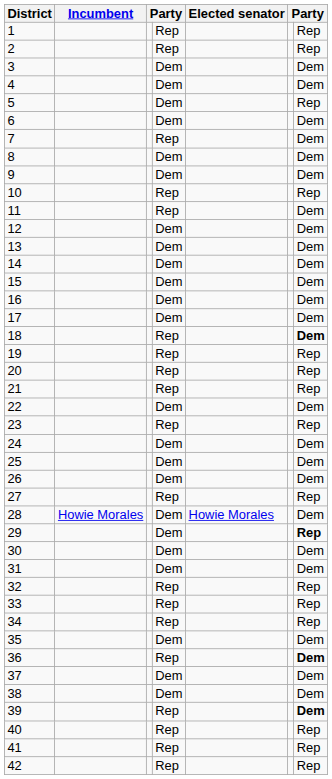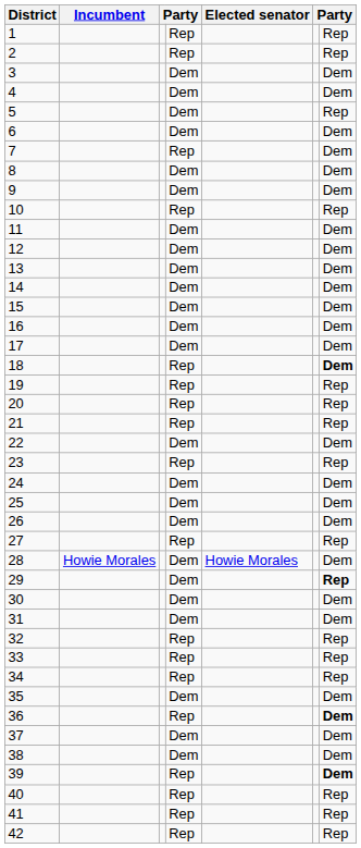 <table class="wikitable sortable" style="font-size:95%;line-height:14px;">
 <tr>
 <th>District</th>
 <th><a href='#'>Incumbent</a></th>
 <th colspan=2>Party</th>
 <th>Elected senator</th>
 <th colspan=2>Party</th>
 </tr>
 <tr>
 <td>1</td>
 <td></td>
 <td style="background:"></td>
 <td>Rep</td>
 <td></td>
 <td style="background:"></td>
 <td>Rep</td>
 </tr>
 <tr>
 <td>2</td>
 <td></td>
 <td style="background:"></td>
 <td>Rep</td>
 <td></td>
 <td style="background:"></td>
 <td>Rep</td>
 </tr>
 <tr>
 <td>3</td>
 <td></td>
 <td style="background:"></td>
 <td>Dem</td>
 <td></td>
 <td style="background:"></td>
 <td>Dem</td>
 </tr>
 <tr>
 <td>4</td>
 <td></td>
 <td style="background:"></td>
 <td>Dem</td>
 <td></td>
 <td style="background:"></td>
 <td>Dem</td>
 </tr>
 <tr>
 <td>5</td>
 <td></td>
 <td style="background:"></td>
 <td>Dem</td>
 <td></td>
 <td style="background:"></td>
 <td>Rep</td>
 </tr>
 <tr>
 <td>6</td>
 <td></td>
 <td style="background:"></td>
 <td>Dem</td>
 <td></td>
 <td style="background:"></td>
 <td>Dem</td>
 </tr>
 <tr>
 <td>7</td>
 <td></td>
 <td style="background:"></td>
 <td>Rep</td>
 <td></td>
 <td style="background:"></td>
 <td>Dem</td>
 </tr>
 <tr>
 <td>8</td>
 <td></td>
 <td style="background:"></td>
 <td>Dem</td>
 <td></td>
 <td style="background:"></td>
 <td>Dem</td>
 </tr>
 <tr>
 <td>9</td>
 <td></td>
 <td style="background:"></td>
 <td>Dem</td>
 <td></td>
 <td style="background:"></td>
 <td>Dem</td>
 </tr>
 <tr>
 <td>10</td>
 <td></td>
 <td style="background:"></td>
 <td>Rep</td>
 <td></td>
 <td style="background:"></td>
 <td>Rep</td>
 </tr>
 <tr>
 <td>11</td>
 <td></td>
 <td style="background:"></td>
-<td>Rep</td>
+<td>Dem</td>
 <td></td>
 <td style="background:"></td>
 <td>Dem</td>
 </tr>
 <tr>
 <td>12</td>
 <td></td>
 <td style="background:"></td>
 <td>Dem</td>
 <td></td>
 <td style="background:"></td>
 <td>Dem</td>
 </tr>
 <tr>
 <td>13</td>
 <td></td>
 <td style="background:"></td>
 <td>Dem</td>
 <td></td>
 <td style="background:"></td>
 <td>Dem</td>
 </tr>
 <tr>
 <td>14</td>
 <td></td>
 <td style="background:"></td>
 <td>Dem</td>
 <td></td>
 <td style="background:"></td>
 <td>Dem</td>
 </tr>
 <tr>
 <td>15</td>
 <td></td>
 <td style="background:"></td>
 <td>Dem</td>
 <td></td>
 <td style="background:"></td>
 <td>Dem</td>
 </tr>
 <tr>
 <td>16</td>
 <td></td>
 <td style="background:"></td>
 <td>Dem</td>
 <td></td>
 <td style="background:"></td>
 <td>Dem</td>
 </tr>
 <tr>
 <td>17</td>
 <td></td>
 <td style="background:"></td>
 <td>Dem</td>
 <td></td>
 <td style="background:"></td>
 <td>Dem</td>
 </tr>
 <tr>
 <td>18</td>
 <td></td>
 <td style="background:"></td>
 <td>Rep</td>
 <td></td>
 <td style="background:"></td>
 <td><strong>Dem</strong></td>
 </tr>
 <tr>
 <td>19</td>
 <td></td>
 <td style="background:"></td>
 <td>Rep</td>
 <td></td>
 <td style="background:"></td>
 <td>Rep</td>
 </tr>
 <tr>
 <td>20</td>
 <td></td>
 <td style="background:"></td>
 <td>Rep</td>
 <td></td>
 <td style="background:"></td>
 <td>Rep</td>
 </tr>
 <tr>
 <td>21</td>
 <td></td>
 <td style="background:"></td>
 <td>Rep</td>
 <td></td>
 <td style="background:"></td>
 <td>Rep</td>
 </tr>
 <tr>
 <td>22</td>
 <td></td>
 <td style="background:"></td>
 <td>Dem</td>
 <td></td>
 <td style="background:"></td>
 <td>Dem</td>
 </tr>
 <tr>
 <td>23</td>
 <td></td>
 <td style="background:"></td>
 <td>Rep</td>
 <td></td>
 <td style="background:"></td>
 <td>Rep</td>
 </tr>
 <tr>
 <td>24</td>
 <td></td>
 <td style="background:"></td>
 <td>Dem</td>
 <td></td>
 <td style="background:"></td>
 <td>Dem</td>
 </tr>
 <tr>
 <td>25</td>
 <td></td>
 <td style="background:"></td>
 <td>Dem</td>
 <td></td>
 <td style="background:"></td>
 <td>Dem</td>
 </tr>
 <tr>
 <td>26</td>
 <td></td>
 <td style="background:"></td>
 <td>Dem</td>
 <td></td>
 <td style="background:"></td>
 <td>Dem</td>
 </tr>
 <tr>
 <td>27</td>
 <td></td>
 <td style="background:"></td>
 <td>Rep</td>
 <td></td>
 <td style="background:"></td>
 <td>Rep</td>
 </tr>
 <tr>
 <td>28</td>
 <td sortname><a href='#'>Howie Morales</a></td>
 <td style="background:"></td>
 <td>Dem</td>
 <td sortname><a href='#'>Howie Morales</a></td>
 <td style="background:"></td>
 <td>Dem</td>
 </tr>
 <tr>
 <td>29</td>
 <td></td>
 <td style="background:"></td>
 <td>Dem</td>
 <td></td>
 <td style="background:"></td>
 <td><strong>Rep</strong></td>
 </tr>
 <tr>
 <td>30</td>
 <td></td>
 <td style="background:"></td>
 <td>Dem</td>
 <td></td>
 <td style="background:"></td>
 <td>Dem</td>
 </tr>
 <tr>
 <td>31</td>
 <td></td>
 <td style="background:"></td>
 <td>Dem</td>
 <td></td>
 <td style="background:"></td>
 <td>Dem</td>
 </tr>
 <tr>
 <td>32</td>
 <td></td>
 <td style="background:"></td>
 <td>Rep</td>
 <td></td>
 <td style="background:"></td>
 <td>Rep</td>
 </tr>
 <tr>
 <td>33</td>
 <td></td>
 <td style="background:"></td>
 <td>Rep</td>
 <td></td>
 <td style="background:"></td>
 <td>Rep</td>
 </tr>
 <tr>
 <td>34</td>
 <td></td>
 <td style="background:"></td>
 <td>Rep</td>
 <td></td>
 <td style="background:"></td>
 <td>Rep</td>
 </tr>
 <tr>
 <td>35</td>
 <td></td>
 <td style="background:"></td>
 <td>Dem</td>
 <td></td>
 <td style="background:"></td>
 <td>Dem</td>
 </tr>
 <tr>
 <td>36</td>
 <td></td>
 <td style="background:"></td>
 <td>Rep</td>
 <td></td>
 <td style="background:"></td>
 <td><strong>Dem</strong></td>
 </tr>
 <tr>
 <td>37</td>
 <td></td>
 <td style="background:"></td>
 <td>Dem</td>
 <td></td>
 <td style="background:"></td>
 <td>Dem</td>
 </tr>
 <tr>
 <td>38</td>
 <td></td>
 <td style="background:"></td>
 <td>Dem</td>
 <td></td>
 <td style="background:"></td>
 <td>Dem</td>
 </tr>
 <tr>
 <td>39</td>
 <td></td>
 <td style="background:"></td>
 <td>Rep</td>
 <td></td>
 <td style="background:"></td>
 <td><strong>Dem</strong></td>
 </tr>
 <tr>
 <td>40</td>
 <td></td>
 <td style="background:"></td>
 <td>Rep</td>
 <td></td>
 <td style="background:"></td>
 <td>Rep</td>
 </tr>
 <tr>
 <td>41</td>
 <td></td>
 <td style="background:"></td>
 <td>Rep</td>
 <td></td>
 <td style="background:"></td>
 <td>Rep</td>
 </tr>
 <tr>
 <td>42</td>
 <td></td>
 <td style="background:"></td>
 <td>Rep</td>
 <td></td>
 <td style="background:"></td>
 <td>Rep</td>
 </tr>
 </table>
